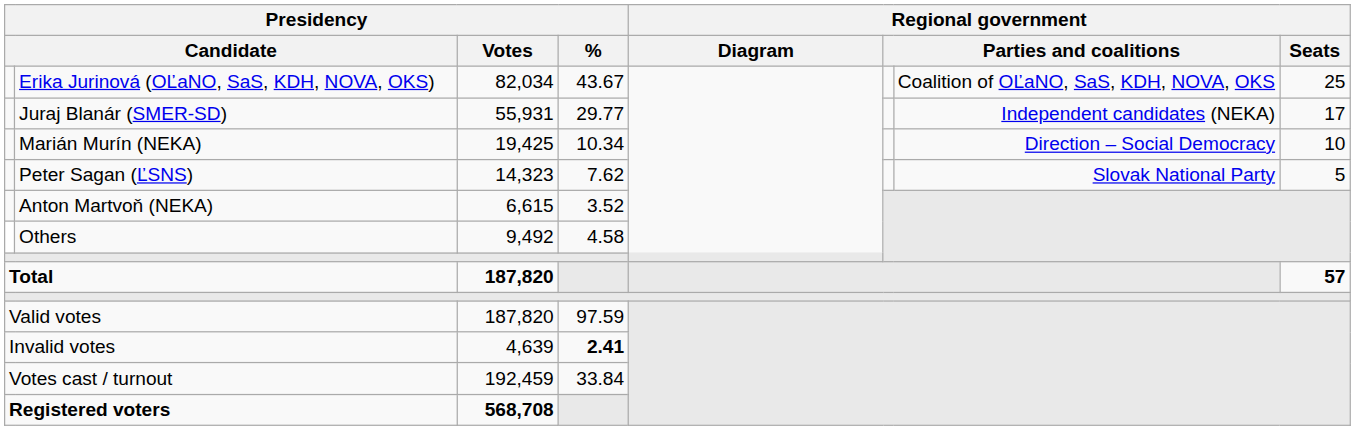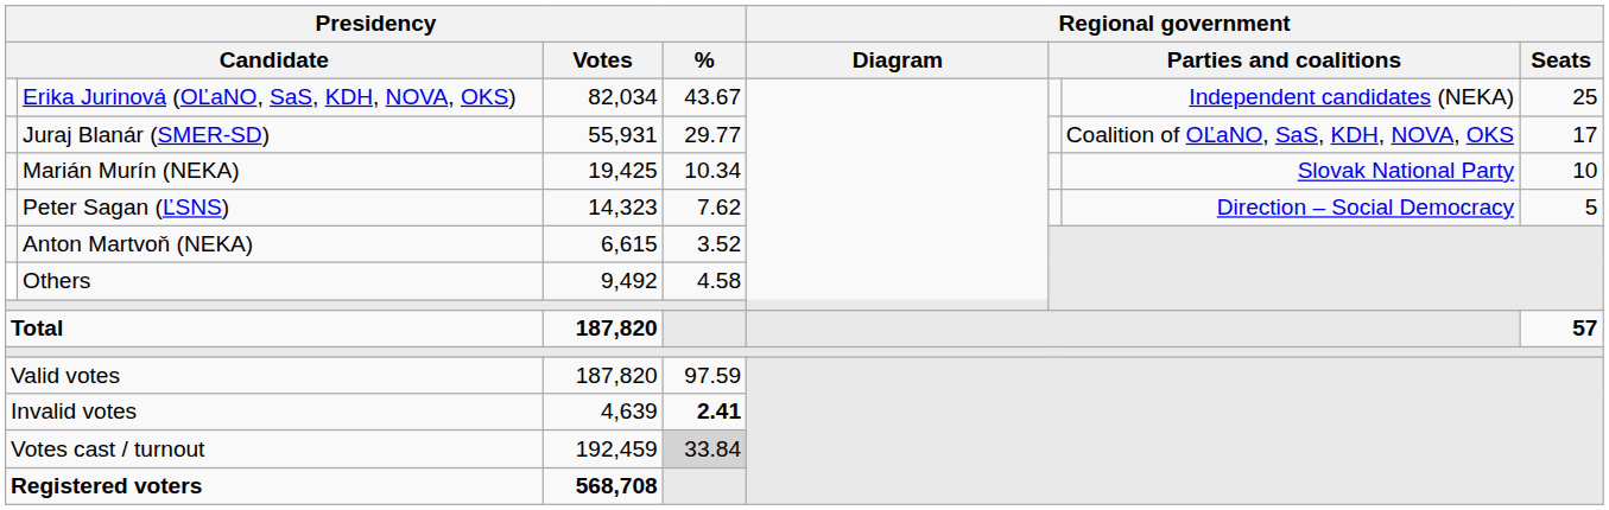 <table class="wikitable" style="text-align:right; font-size:97%;">
 <tr>
 <th colspan="4" width="500">Presidency</th>
 <th colspan="4" width="500">Regional government</th>
 </tr>
 <tr>
 <th colspan="2" width="325">Candidate</th>
 <th width="75">Votes</th>
 <th width="50">%</th>
 <th width="200">Diagram</th>
 <th colspan="2" width="250">Parties and coalitions</th>
 <th width="50">Seats</th>
 </tr>
 <tr>
 <td width="1" style="color:inherit;background:"></td>
 <td align="left"><a href='#'>Erika Jurinová</a> (<a href='#'>OĽaNO</a>, <a href='#'>SaS</a>, <a href='#'>KDH</a>, <a href='#'>NOVA</a>, <a href='#'>OKS</a>)</td>
 <td>82,034</td>
 <td>43.67</td>
 <td rowspan="7"></td>
 <td width="1" style="color:inherit;background:"></td>
-<td>Coalition of <a href='#'>OĽaNO</a>, <a href='#'>SaS</a>, <a href='#'>KDH</a>, <a href='#'>NOVA</a>, <a href='#'>OKS</a></td>
+<td><a href='#'>Independent candidates</a> (NEKA)</td>
 <td>25</td>
 </tr>
 <tr>
 <td width="1" style="color:inherit;background:"></td>
 <td align="left">Juraj Blanár (<a href='#'>SMER-SD</a>)</td>
 <td>55,931</td>
 <td>29.77</td>
 <td width="1" style="color:inherit;background:"></td>
-<td><a href='#'>Independent candidates</a> (NEKA)</td>
+<td>Coalition of <a href='#'>OĽaNO</a>, <a href='#'>SaS</a>, <a href='#'>KDH</a>, <a href='#'>NOVA</a>, <a href='#'>OKS</a></td>
 <td>17</td>
 </tr>
 <tr>
 <td width="1" style="color:inherit;background:"></td>
 <td align="left">Marián Murín (NEKA)</td>
 <td>19,425</td>
 <td>10.34</td>
 <td width="1" style="color:inherit;background:"></td>
-<td><a href='#'>Direction – Social Democracy</a></td>
+<td><a href='#'>Slovak National Party</a></td>
 <td>10</td>
 </tr>
 <tr>
 <td width="1" style="color:inherit;background:"></td>
 <td align="left">Peter Sagan (<a href='#'>ĽSNS</a>)</td>
 <td>14,323</td>
 <td>7.62</td>
 <td width="1" style="color:inherit;background:"></td>
-<td><a href='#'>Slovak National Party</a></td>
+<td><a href='#'>Direction – Social Democracy</a></td>
 <td>5</td>
 </tr>
 <tr>
 <td width="1" style="color:inherit;background:"></td>
 <td align="left">Anton Martvoň (NEKA)</td>
 <td>6,615</td>
 <td>3.52</td>
 <td colspan="3" rowspan="3" bgcolor="#E9E9E9"></td>
 </tr>
 <tr>
 <td width="1" bgcolor="white"></td>
 <td align="left">Others</td>
 <td>9,492</td>
 <td>4.58</td>
 </tr>
 <tr>
 <td colspan="8" bgcolor="#E9E9E9"></td>
 </tr>
 <tr>
 <td align="left" colspan="2"><strong>Total</strong></td>
 <td><strong>187,820</strong></td>
 <td style="color:inherit;background:#E9E9E9"></td>
 <td colspan="3" bgcolor="#E9E9E9"></td>
 <td><strong>57</strong></td>
 </tr>
 <tr>
 <td colspan="8" bgcolor="#E9E9E9"></td>
 </tr>
 <tr>
 <td align="left" colspan="2">Valid votes</td>
 <td>187,820</td>
 <td>97.59</td>
 <td bgcolor="#E9E9E9" rowspan="4" colspan="4"></td>
 </tr>
 <tr>
 <td align="left" colspan="2">Invalid votes</td>
 <td>4,639</td>
 <td><strong>2.41</strong></td>
 </tr>
 <tr>
 <td align="left" colspan="2">Votes cast / turnout</td>
 <td>192,459</td>
-<td>33.84</td>
+<td style="background: lightgrey;">33.84</td>
 </tr>
 <tr style="font-weight:bold;">
 <td align="left" colspan="2">Registered voters</td>
 <td>568,708</td>
 <td bgcolor="#E9E9E9"></td>
 </tr>
 </table>
